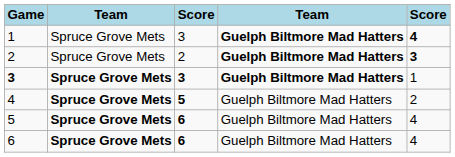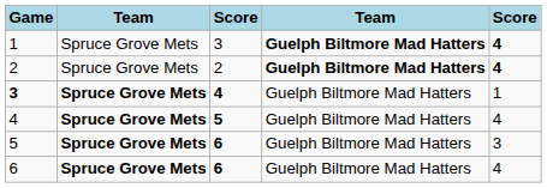 <table class="wikitable">
 <tr>
 <th style="background:lightblue;">Game</th>
 <th style="background:lightblue;">Team</th>
 <th style="background:lightblue;">Score</th>
 <th style="background:lightblue;">Team</th>
 <th style="background:lightblue;">Score</th>
 </tr>
 <tr bgcolor=>
 <td>1</td>
 <td>Spruce Grove Mets</td>
 <td>3</td>
 <td><strong>Guelph Biltmore Mad Hatters</strong></td>
 <td><strong>4</strong></td>
 </tr>
 <tr bgcolor=>
 <td>2</td>
 <td>Spruce Grove Mets</td>
 <td>2</td>
 <td><strong>Guelph Biltmore Mad Hatters</strong></td>
-<td><strong>3</strong></td>
+<td><strong>4</strong></td>
 </tr>
 <tr bgcolor=>
 <td><strong>3</strong></td>
 <td><strong>Spruce Grove Mets</strong></td>
-<td><strong>3</strong></td>
-<td><strong>Guelph Biltmore Mad Hatters</strong></td>
+<td><strong>4</strong></td>
+<td>Guelph Biltmore Mad Hatters</td>
 <td>1</td>
 </tr>
 <tr bgcolor=>
 <td>4</td>
 <td><strong>Spruce Grove Mets</strong></td>
 <td><strong>5</strong></td>
 <td>Guelph Biltmore Mad Hatters</td>
-<td>2</td>
+<td>4</td>
 </tr>
 <tr bgcolor=>
 <td>5</td>
 <td><strong>Spruce Grove Mets</strong></td>
 <td><strong>6</strong></td>
 <td>Guelph Biltmore Mad Hatters</td>
-<td>4</td>
+<td>3</td>
 </tr>
 <tr bgcolor=>
 <td>6</td>
 <td><strong>Spruce Grove Mets</strong></td>
 <td><strong>6</strong></td>
 <td>Guelph Biltmore Mad Hatters</td>
 <td>4</td>
 </tr>
 </table>
